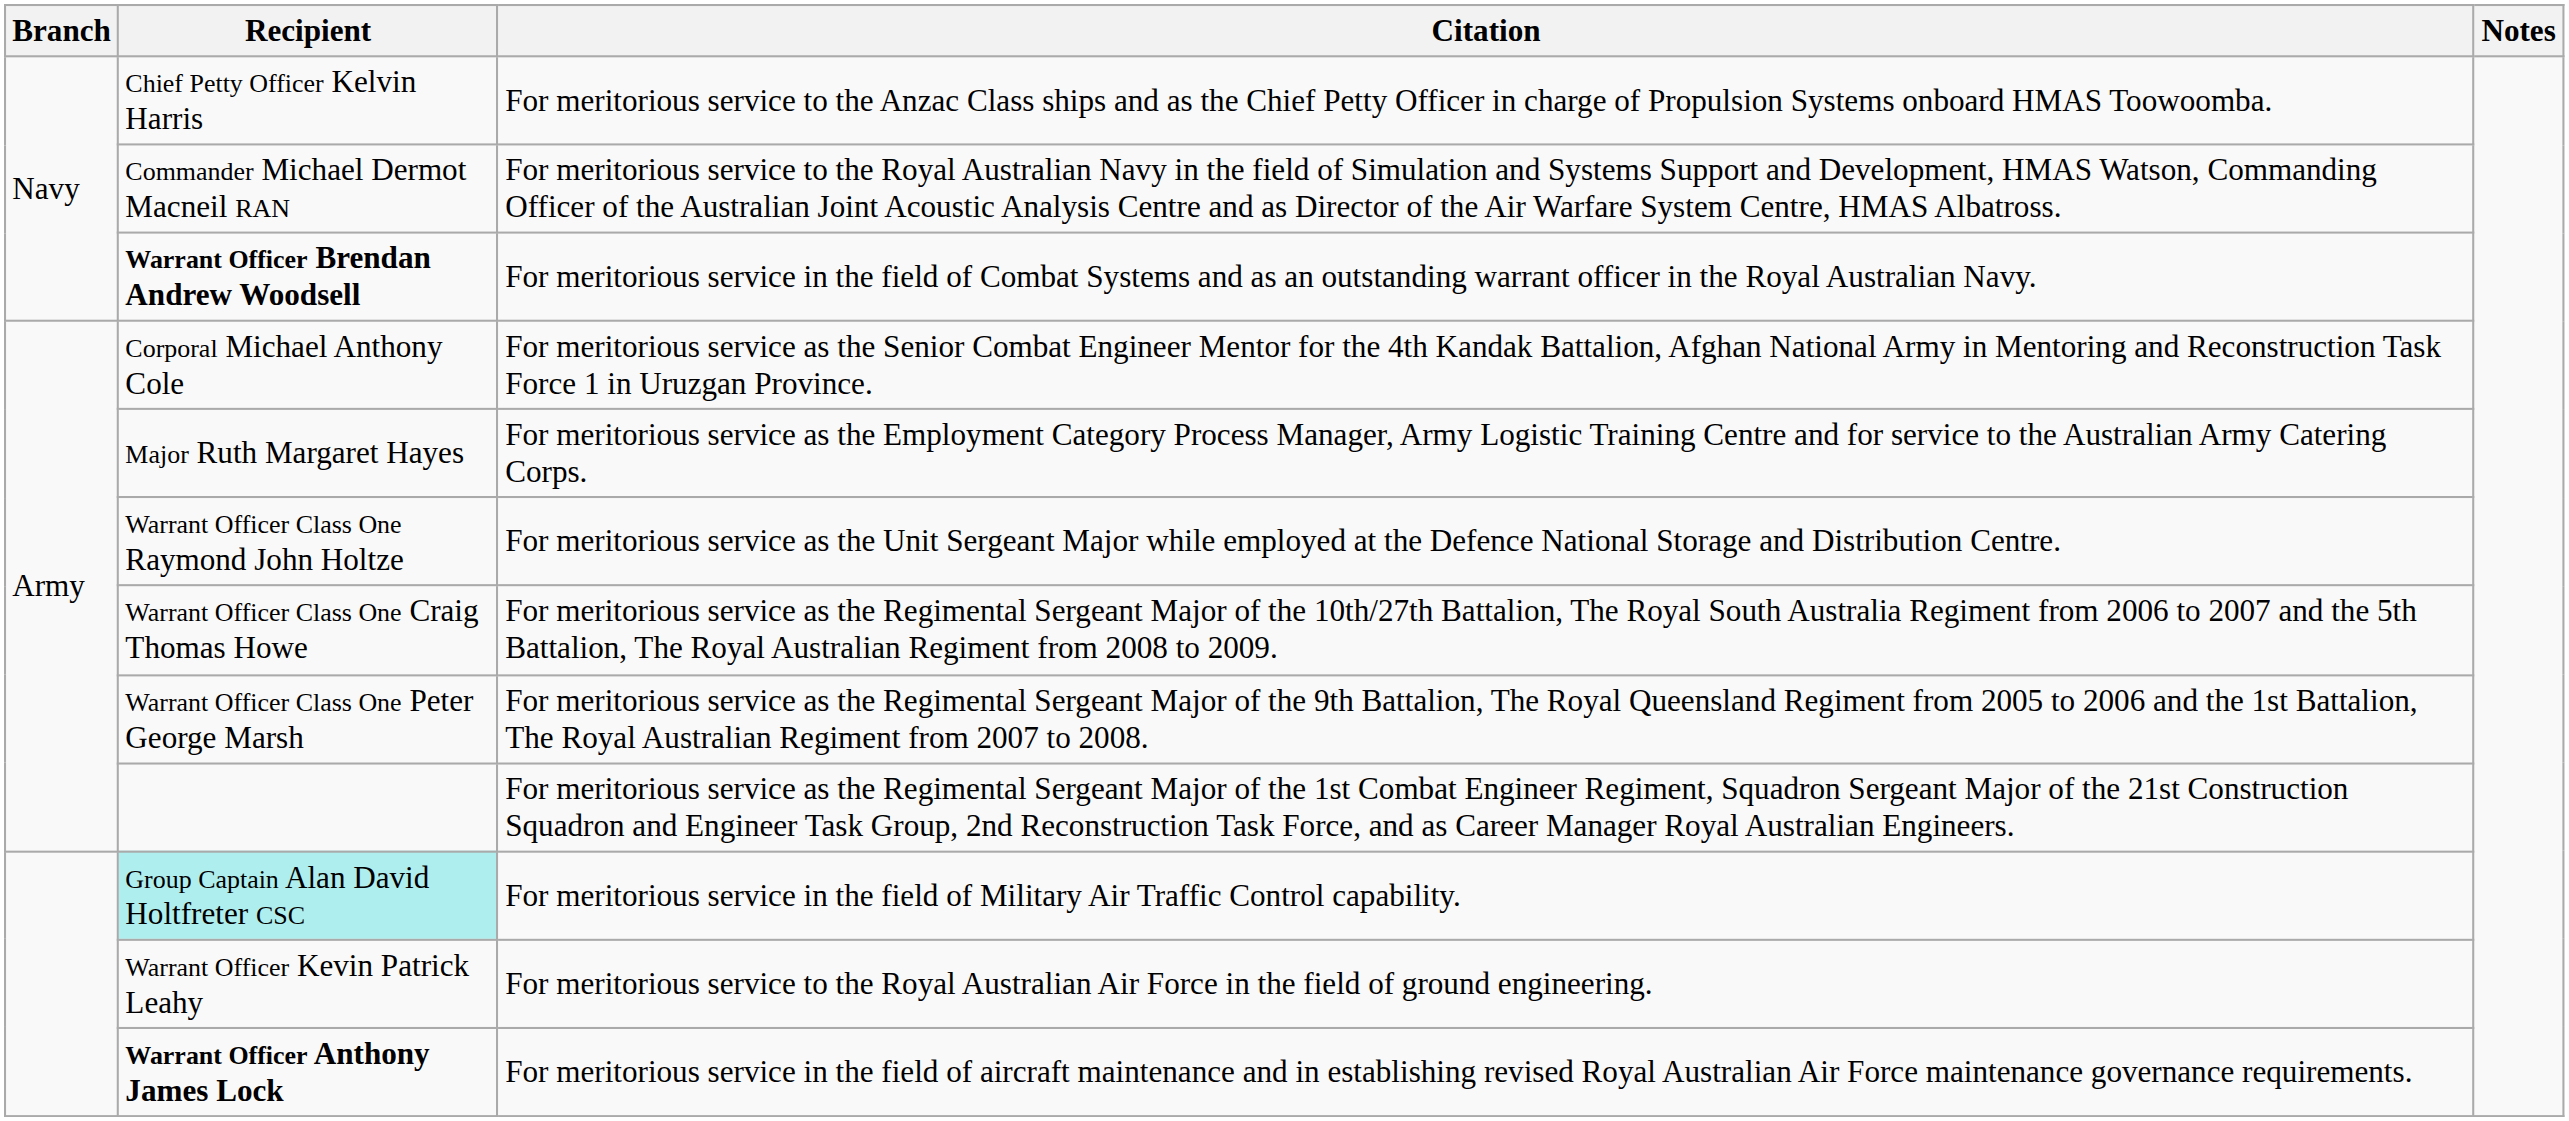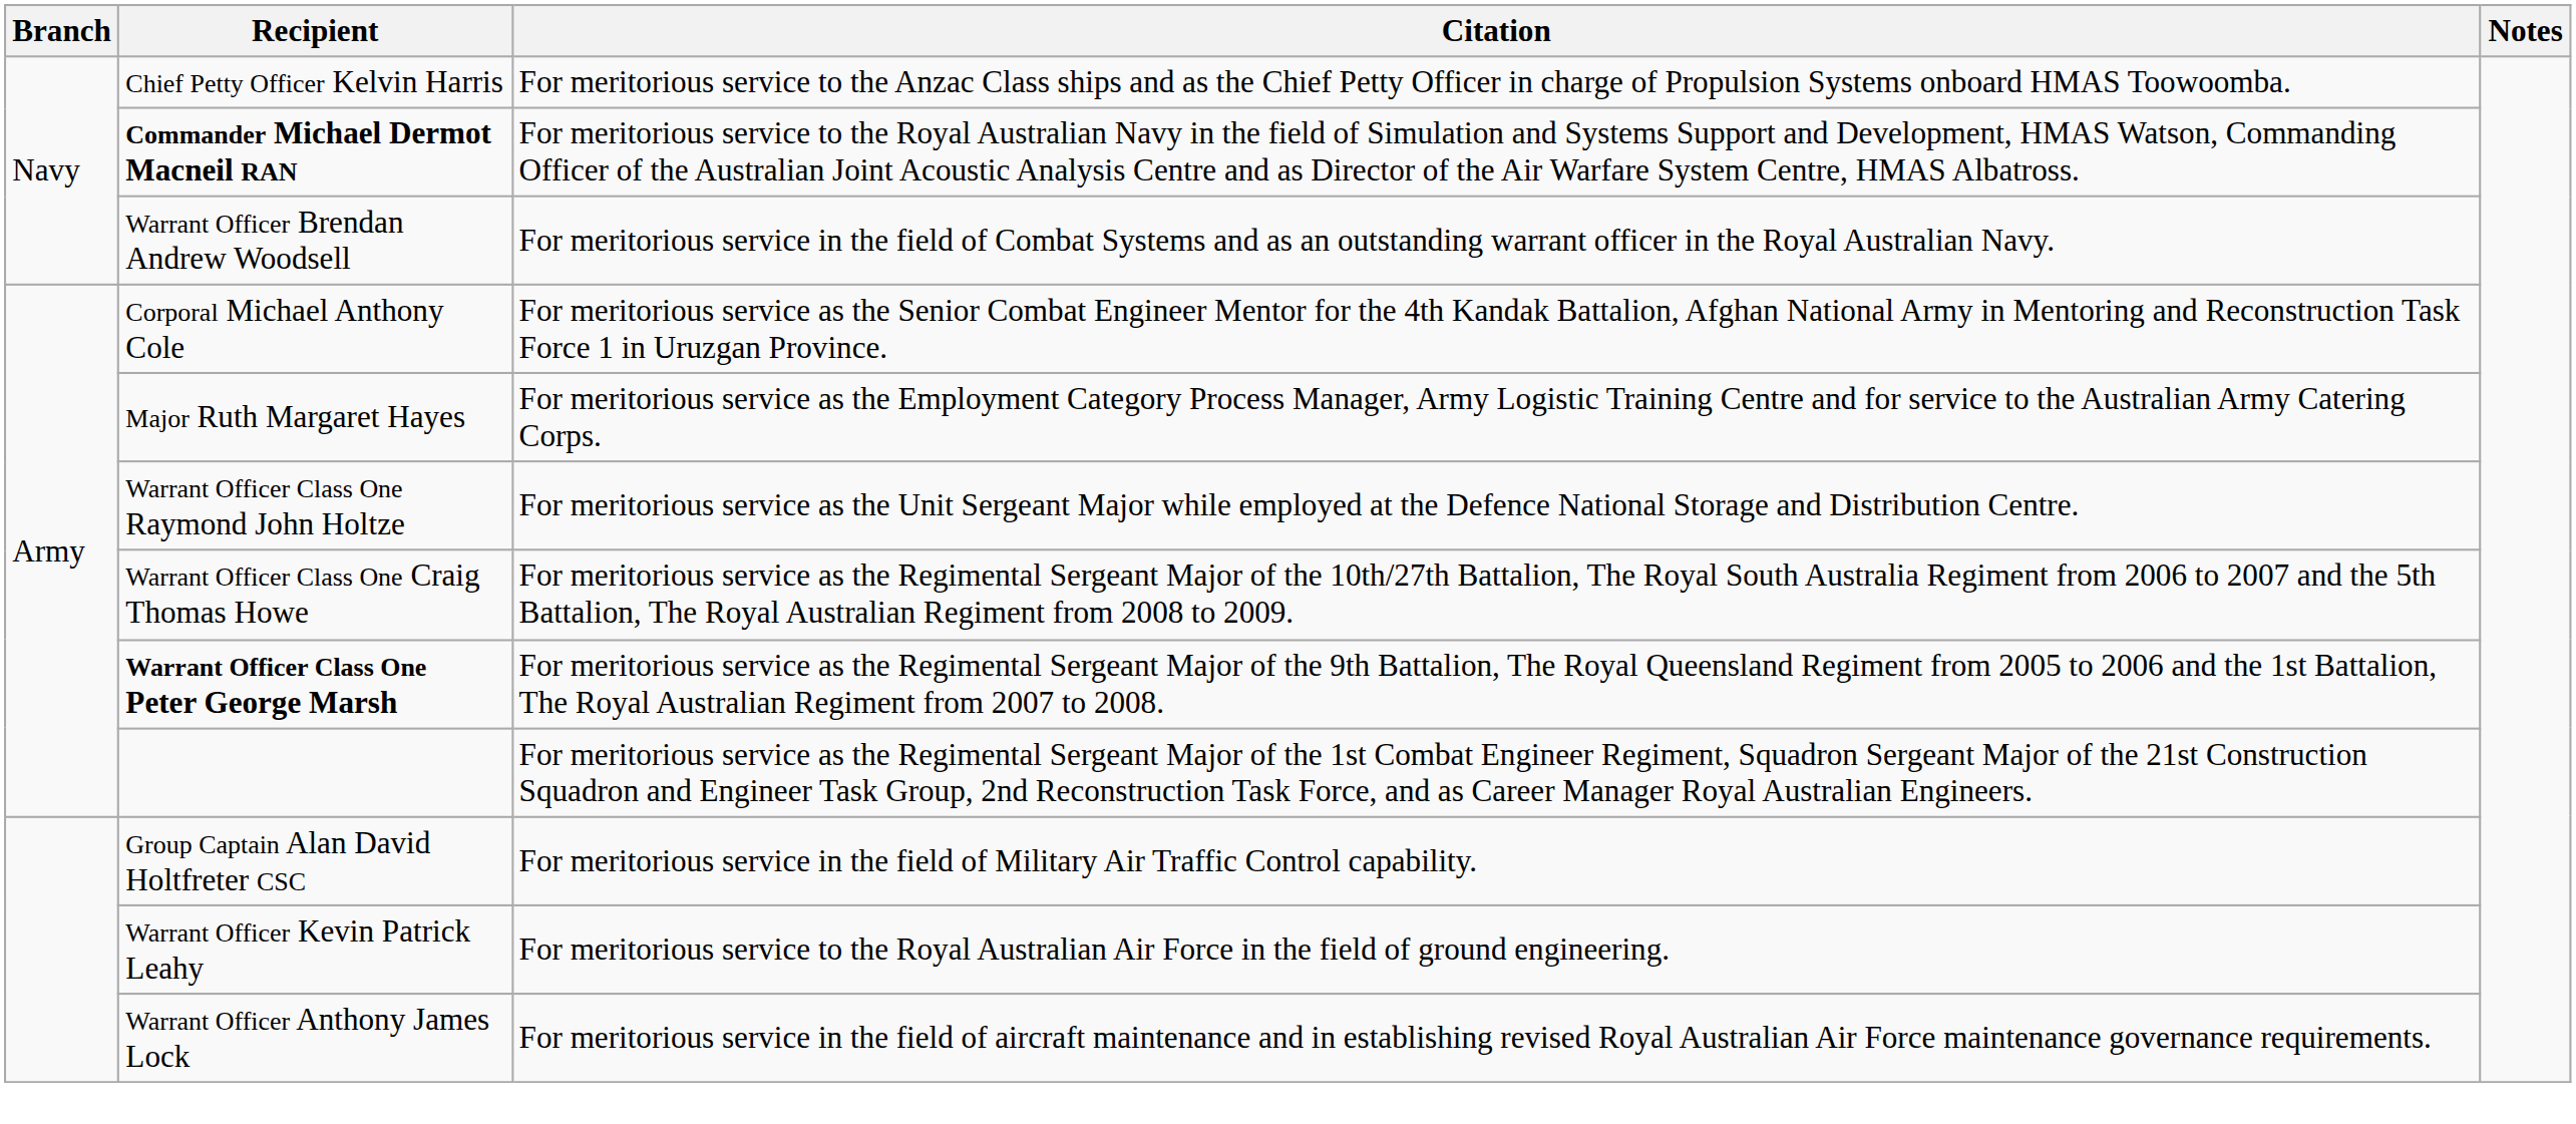 <table class="wikitable" style="font-size:95%;">
 <tr>
 <th>Branch</th>
 <th>Recipient</th>
 <th>Citation</th>
 <th>Notes</th>
 </tr>
 <tr>
 <td rowspan=3>Navy</td>
 <td><small>Chief Petty Officer</small> Kelvin Harris</td>
 <td>For meritorious service to the Anzac Class ships and as the Chief Petty Officer in charge of Propulsion Systems onboard HMAS Toowoomba.</td>
 <td rowspan=12></td>
 </tr>
 <tr>
-<td><small>Commander</small> Michael Dermot Macneil <small>RAN</small></td>
+<td><strong><small>Commander</small> Michael Dermot Macneil <small>RAN</small></strong></td>
 <td>For meritorious service to the Royal Australian Navy in the field of Simulation and Systems Support and Development, HMAS Watson, Commanding Officer of the Australian Joint Acoustic Analysis Centre and as Director of the Air Warfare System Centre, HMAS Albatross.</td>
 </tr>
 <tr>
-<td><strong><small>Warrant Officer</small> Brendan Andrew Woodsell</strong></td>
+<td><small>Warrant Officer</small> Brendan Andrew Woodsell</td>
 <td>For meritorious service in the field of Combat Systems and as an outstanding warrant officer in the Royal Australian Navy.</td>
 </tr>
 <tr>
 <td rowspan=6>Army</td>
 <td><small>Corporal</small> Michael Anthony Cole</td>
 <td>For meritorious service as the Senior Combat Engineer Mentor for the 4th Kandak Battalion, Afghan National Army in Mentoring and Reconstruction Task Force 1 in Uruzgan Province.</td>
 </tr>
 <tr>
 <td><small>Major</small> Ruth Margaret Hayes</td>
 <td>For meritorious service as the Employment Category Process Manager, Army Logistic Training Centre and for service to the Australian Army Catering Corps.</td>
 </tr>
 <tr>
 <td><small>Warrant Officer Class One</small> Raymond John Holtze</td>
 <td>For meritorious service as the Unit Sergeant Major while employed at the Defence National Storage and Distribution Centre.</td>
 </tr>
 <tr>
 <td><small>Warrant Officer Class One</small> Craig Thomas Howe</td>
 <td>For meritorious service as the Regimental Sergeant Major of the 10th/27th Battalion, The Royal South Australia Regiment from 2006 to 2007 and the 5th Battalion, The Royal Australian Regiment from 2008 to 2009.</td>
 </tr>
 <tr>
-<td><small>Warrant Officer Class One</small> Peter George Marsh</td>
+<td><strong><small>Warrant Officer Class One</small> Peter George Marsh</strong></td>
 <td>For meritorious service as the Regimental Sergeant Major of the 9th Battalion, The Royal Queensland Regiment from 2005 to 2006 and the 1st Battalion, The Royal Australian Regiment from 2007 to 2008.</td>
 </tr>
 <tr>
 <td></td>
 <td>For meritorious service as the Regimental Sergeant Major of the 1st Combat Engineer Regiment, Squadron Sergeant Major of the 21st Construction Squadron and Engineer Task Group, 2nd Reconstruction Task Force, and as Career Manager Royal Australian Engineers.</td>
 </tr>
 <tr>
 <td rowspan=3></td>
-<td style="background: paleturquoise;"><small>Group Captain</small> Alan David Holtfreter <small>CSC</small></td>
+<td><small>Group Captain</small> Alan David Holtfreter <small>CSC</small></td>
 <td>For meritorious service in the field of Military Air Traffic Control capability.</td>
 </tr>
 <tr>
 <td><small>Warrant Officer</small> Kevin Patrick Leahy</td>
 <td>For meritorious service to the Royal Australian Air Force in the field of ground engineering.</td>
 </tr>
 <tr>
-<td><strong><small>Warrant Officer</small> Anthony James Lock</strong></td>
+<td><small>Warrant Officer</small> Anthony James Lock</td>
 <td>For meritorious service in the field of aircraft maintenance and in establishing revised Royal Australian Air Force maintenance governance requirements.</td>
 </tr>
 </table>
